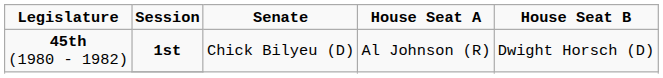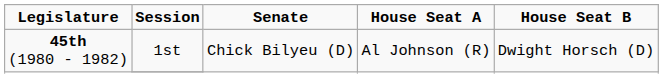 <table class=wikitable style="text-align:center">
 <tr>
 <td><strong>Legislature</strong></td>
 <td><strong>Session</strong></td>
 <td><strong>Senate</strong></td>
 <td><strong>House Seat A</strong></td>
 <td><strong>House Seat B</strong></td>
 </tr>
 <tr>
 <td rowspan="2" colspan="1" style="text-align: center;"><strong>45th</strong> <br> (1980 - 1982)</td>
-<td><strong>1st</strong></td>
+<td>1st</td>
 <td rowspan="2" colspan="1" style="text-align: center;" >Chick Bilyeu (D)</td>
 <td rowspan="4" colspan="1" style="text-align: center;" >Al Johnson (R)</td>
 <td rowspan="4" colspan="1" style="text-align: center;" >Dwight Horsch (D)</td>
 </tr>
 <tr>
 </tr>
 </table>
